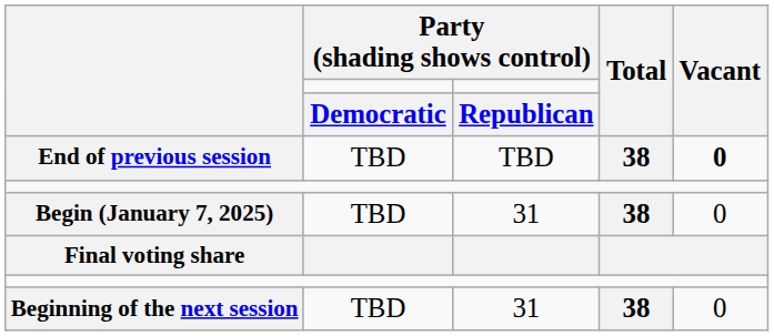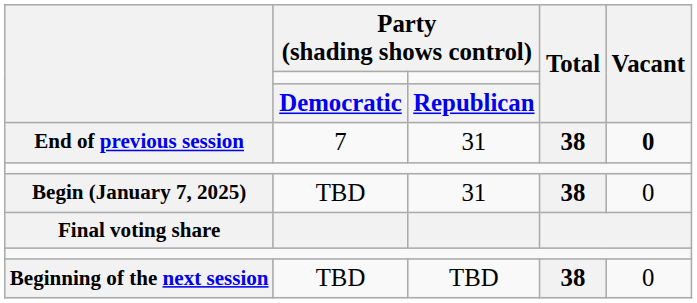 <table class="wikitable" style="text-align:center">
 <tr>
 <th rowspan="3" scope="col"> </th>
 <th colspan="2" scope="col">Party<div>(shading shows control)</div></th>
 <th rowspan="3" scope="col">Total</th>
 <th rowspan="3" scope="col">Vacant</th>
 </tr>
 <tr style="height:5px">
 <td style="background-color:"></td>
 <td style="background-color:"></td>
 </tr>
 <tr>
 <th scope="col"><a href='#'>Democratic</a></th>
 <th scope="col"><a href='#'>Republican</a></th>
 </tr>
 <tr>
 <th scope="row" style="font-size:85%">End of <a href='#'>previous session</a></th>
-<td>TBD</td>
-<td>TBD</td>
+<td>7</td>
+<td>31</td>
 <th>38</th>
 <td><strong>0</strong></td>
 </tr>
 <tr>
 <td colspan="5"></td>
 </tr>
 <tr>
 <th scope="row" style="font-size:85%">Begin (January 7, 2025)</th>
 <td>TBD</td>
 <td>31</td>
 <th>38</th>
 <td>0</td>
 </tr>
 <tr>
 <th scope="row" style="font-size:85%">Final voting share</th>
 <th></th>
 <th></th>
 <th colspan="2"></th>
 </tr>
 <tr>
 <td colspan="5"></td>
 </tr>
 <tr>
 <th scope="row" style="font-size:85%">Beginning of the <a href='#'>next session</a></th>
 <td>TBD</td>
-<td>31</td>
+<td>TBD</td>
 <th>38</th>
 <td>0</td>
 </tr>
 </table>
